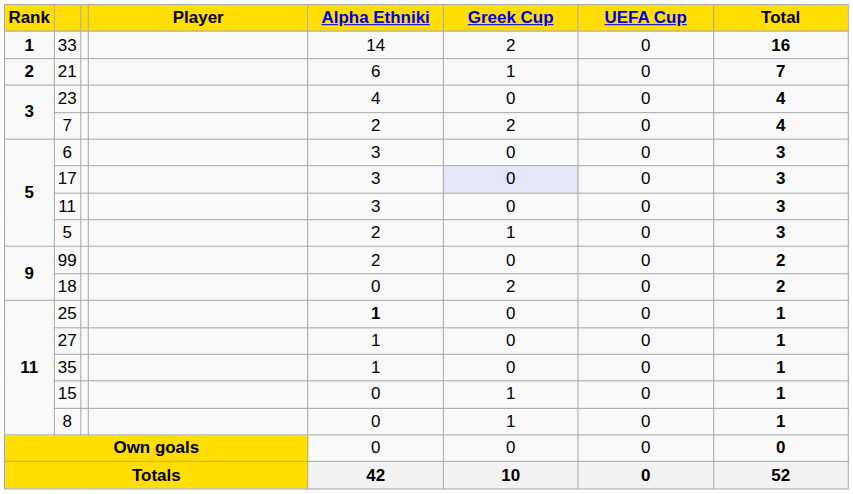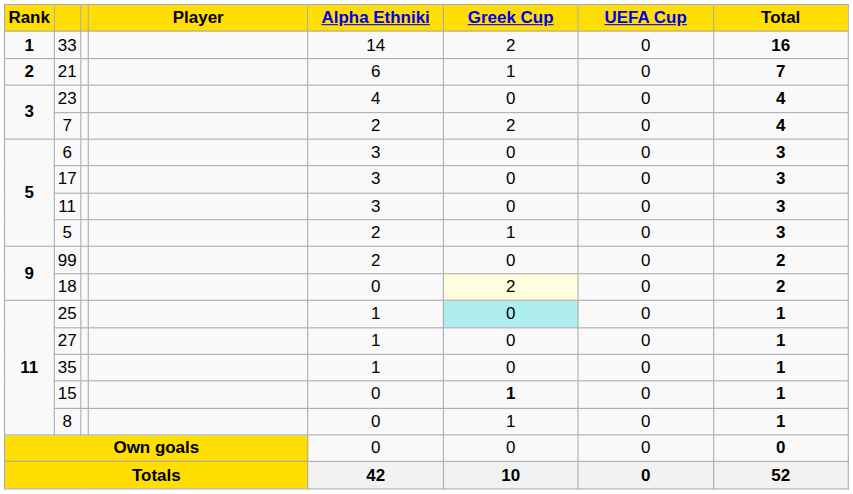 <table class="wikitable sortable" style="text-align: center">
 <tr>
 <th style="background:#FFDE00">Rank</th>
 <th style="background:#FFDE00"></th>
 <th style="background:#FFDE00"></th>
 <th width=200 style="background:#FFDE00">Player</th>
 <th width=120 style="background:#FFDE00"><a href='#'>Alpha Ethniki</a></th>
 <th width=120 style="background:#FFDE00"><a href='#'>Greek Cup</a></th>
 <th width=120 style="background:#FFDE00"><a href='#'>UEFA Cup</a></th>
 <th width=120 style="background:#FFDE00">Total</th>
 </tr>
 <tr>
 <td><strong>1</strong></td>
 <td>33</td>
 <td></td>
 <td align=left></td>
 <td>14</td>
 <td>2</td>
 <td>0</td>
 <td><strong>16</strong></td>
 </tr>
 <tr>
 <td><strong>2</strong></td>
 <td>21</td>
 <td></td>
 <td align=left></td>
 <td>6</td>
 <td>1</td>
 <td>0</td>
 <td><strong>7</strong></td>
 </tr>
 <tr>
 <td rowspan=2><strong>3</strong></td>
 <td>23</td>
 <td></td>
 <td align=left></td>
 <td>4</td>
 <td>0</td>
 <td>0</td>
 <td><strong>4</strong></td>
 </tr>
 <tr>
 <td>7</td>
 <td></td>
 <td align=left></td>
 <td>2</td>
 <td>2</td>
 <td>0</td>
 <td><strong>4</strong></td>
 </tr>
 <tr>
 <td rowspan=4><strong>5</strong></td>
 <td>6</td>
 <td></td>
 <td align=left></td>
 <td>3</td>
 <td>0</td>
 <td>0</td>
 <td><strong>3</strong></td>
 </tr>
 <tr>
 <td>17</td>
 <td></td>
 <td align=left></td>
 <td>3</td>
-<td style="background: lavender;">0</td>
+<td>0</td>
 <td>0</td>
 <td><strong>3</strong></td>
 </tr>
 <tr>
 <td>11</td>
 <td></td>
 <td align=left></td>
 <td>3</td>
 <td>0</td>
 <td>0</td>
 <td><strong>3</strong></td>
 </tr>
 <tr>
 <td>5</td>
 <td></td>
 <td align=left></td>
 <td>2</td>
 <td>1</td>
 <td>0</td>
 <td><strong>3</strong></td>
 </tr>
 <tr>
 <td rowspan=2><strong>9</strong></td>
 <td>99</td>
 <td></td>
 <td align=left></td>
 <td>2</td>
 <td>0</td>
 <td>0</td>
 <td><strong>2</strong></td>
 </tr>
 <tr>
 <td>18</td>
 <td></td>
 <td align=left></td>
 <td>0</td>
-<td>2</td>
+<td style="background: lightyellow;">2</td>
 <td>0</td>
 <td><strong>2</strong></td>
 </tr>
 <tr>
 <td rowspan=5><strong>11</strong></td>
 <td>25</td>
 <td></td>
 <td align=left></td>
-<td><strong>1</strong></td>
-<td>0</td>
+<td>1</td>
+<td style="background: paleturquoise;">0</td>
 <td>0</td>
 <td><strong>1</strong></td>
 </tr>
 <tr>
 <td>27</td>
 <td></td>
 <td align=left></td>
 <td>1</td>
 <td>0</td>
 <td>0</td>
 <td><strong>1</strong></td>
 </tr>
 <tr>
 <td>35</td>
 <td></td>
 <td align=left></td>
 <td>1</td>
 <td>0</td>
 <td>0</td>
 <td><strong>1</strong></td>
 </tr>
 <tr>
 <td>15</td>
 <td></td>
 <td align=left></td>
 <td>0</td>
-<td>1</td>
+<td><strong>1</strong></td>
 <td>0</td>
 <td><strong>1</strong></td>
 </tr>
 <tr>
 <td>8</td>
 <td></td>
 <td align=left></td>
 <td>0</td>
 <td>1</td>
 <td>0</td>
 <td><strong>1</strong></td>
 </tr>
 <tr class="sortbottom">
 <td colspan=4 style="background:#FFDE00"><strong>Own goals</strong></td>
 <td>0</td>
 <td>0</td>
 <td>0</td>
 <td><strong>0</strong></td>
 </tr>
 <tr class="sortbottom">
 <th colspan=4 style="background:#FFDE00"><strong>Totals</strong></th>
 <th><strong>42</strong></th>
 <th><strong>10</strong></th>
 <th><strong> 0</strong></th>
 <th><strong>52</strong></th>
 </tr>
 </table>
